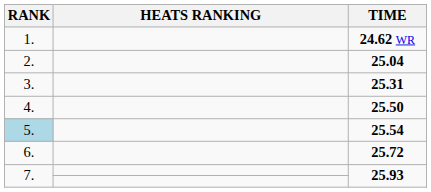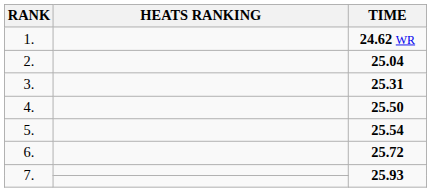 <table class="wikitable">
 <tr>
 <th>RANK</th>
 <th style="width: 20em">HEATS RANKING</th>
 <th style="width: 5em">TIME</th>
 </tr>
 <tr>
 <td align="center">1.</td>
 <td></td>
 <td align="center"><strong>24.62</strong> <small><a href='#'>WR</a></small></td>
 </tr>
 <tr>
 <td align="center">2.</td>
 <td></td>
 <td align="center"><strong>25.04</strong></td>
 </tr>
 <tr>
 <td align="center">3.</td>
 <td></td>
 <td align="center"><strong>25.31</strong></td>
 </tr>
 <tr>
 <td align="center">4.</td>
 <td></td>
 <td align="center"><strong>25.50</strong></td>
 </tr>
 <tr>
-<td align="center" style="background: lightblue;">5.</td>
+<td align="center">5.</td>
 <td></td>
 <td align="center"><strong>25.54</strong></td>
 </tr>
 <tr>
 <td align="center">6.</td>
 <td></td>
 <td align="center"><strong>25.72</strong></td>
 </tr>
 <tr>
 <td rowspan=2 align="center">7.</td>
 <td></td>
 <td rowspan=2 align="center"><strong>25.93</strong></td>
 </tr>
 <tr>
 <td></td>
 </tr>
 </table>
